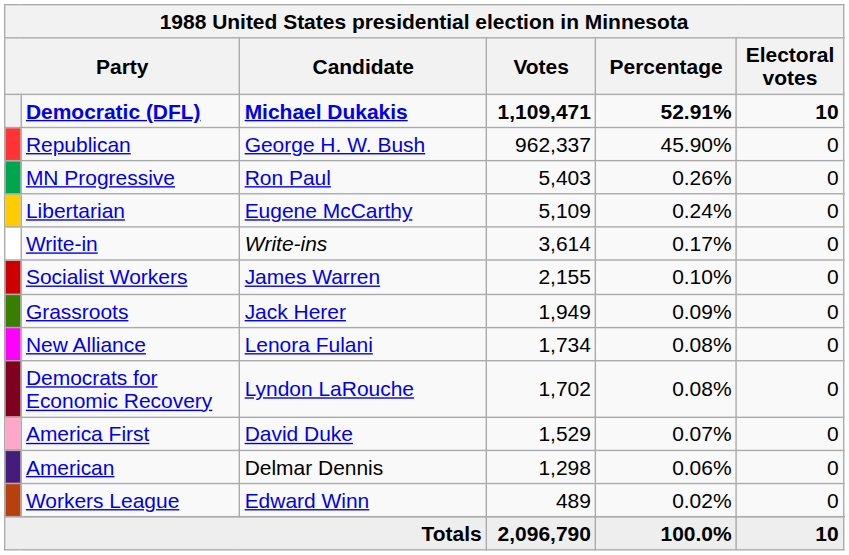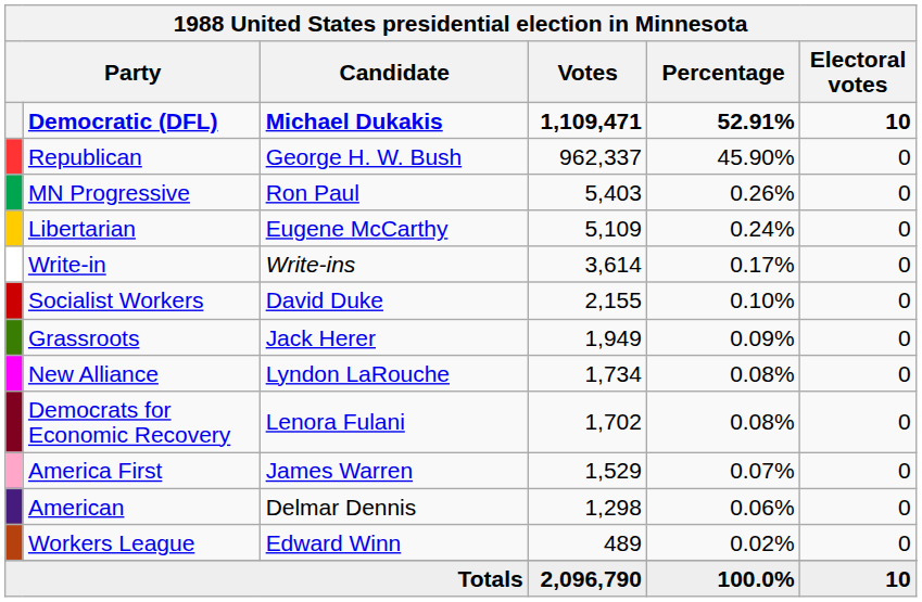 <table class="wikitable" style="font-size: 95%;">
 <tr>
 <th colspan="6">1988 United States presidential election in Minnesota</th>
 </tr>
 <tr>
 <th colspan="2" style="width: 15em">Party</th>
 <th style="width: 17em">Candidate</th>
 <th style="width: 5em">Votes</th>
 <th style="width: 7em">Percentage</th>
 <th style="width: 5em">Electoral votes</th>
 </tr>
 <tr>
 <th style="background-color:"></th>
 <td style="width: 130px"><strong><a href='#'>Democratic (DFL)</a></strong></td>
 <td><strong><a href='#'>Michael Dukakis</a></strong></td>
 <td align="right"><strong>1,109,471</strong></td>
 <td align="right"><strong>52.91%</strong></td>
 <td align="right"><strong>10</strong></td>
 </tr>
 <tr>
 <th style="background-color:#FF3333; width: 3px"></th>
 <td style="width: 130px"><a href='#'>Republican</a></td>
 <td><a href='#'>George H. W. Bush</a></td>
 <td align="right">962,337</td>
 <td align="right">45.90%</td>
 <td align="right">0</td>
 </tr>
 <tr>
 <th style="background-color:#00A550; width: 3px"></th>
 <td style="width: 130px"><a href='#'>MN Progressive</a></td>
 <td><a href='#'>Ron Paul</a></td>
 <td align="right">5,403</td>
 <td align="right">0.26%</td>
 <td align="right">0</td>
 </tr>
 <tr>
 <th style="background-color:#FFCC00; width: 3px"></th>
 <td style="width: 130px"><a href='#'>Libertarian</a></td>
 <td><a href='#'>Eugene McCarthy</a></td>
 <td align="right">5,109</td>
 <td align="right">0.24%</td>
 <td align="right">0</td>
 </tr>
 <tr>
 <th style="background-color:#FFFFFF; width: 3px"></th>
 <td style="width: 130px"><a href='#'>Write-in</a></td>
 <td><em>Write-ins</em></td>
 <td align="right">3,614</td>
 <td align="right">0.17%</td>
 <td align="right">0</td>
 </tr>
 <tr>
 <th style="background-color:#CC0000; width: 3px"></th>
 <td style="width: 130px"><a href='#'>Socialist Workers</a></td>
-<td><a href='#'>James Warren</a></td>
+<td><a href='#'>David Duke</a></td>
 <td align="right">2,155</td>
 <td align="right">0.10%</td>
 <td align="right">0</td>
 </tr>
 <tr>
 <th style="background-color:#397D02; width: 3px"></th>
 <td style="width: 130px"><a href='#'>Grassroots</a></td>
 <td><a href='#'>Jack Herer</a></td>
 <td align="right">1,949</td>
 <td align="right">0.09%</td>
 <td align="right">0</td>
 </tr>
 <tr>
 <th style="background-color:#FF00FF; width: 3px"></th>
 <td style="width: 130px"><a href='#'>New Alliance</a></td>
-<td><a href='#'>Lenora Fulani</a></td>
+<td><a href='#'>Lyndon LaRouche</a></td>
 <td align="right">1,734</td>
 <td align="right">0.08%</td>
 <td align="right">0</td>
 </tr>
 <tr>
 <th style="background-color:#800020; width: 3px"></th>
 <td style="width: 130px"><a href='#'>Democrats for Economic Recovery</a></td>
-<td><a href='#'>Lyndon LaRouche</a></td>
+<td><a href='#'>Lenora Fulani</a></td>
 <td align="right">1,702</td>
 <td align="right">0.08%</td>
 <td align="right">0</td>
 </tr>
 <tr>
 <th style="background-color:#FFA6C9; width: 3px"></th>
 <td style="width: 130px"><a href='#'>America First</a></td>
-<td><a href='#'>David Duke</a></td>
+<td><a href='#'>James Warren</a></td>
 <td align="right">1,529</td>
 <td align="right">0.07%</td>
 <td align="right">0</td>
 </tr>
 <tr>
 <th style="background-color:#461B7E; width: 3px"></th>
 <td style="width: 130px"><a href='#'>American</a></td>
 <td>Delmar Dennis</td>
 <td align="right">1,298</td>
 <td align="right">0.06%</td>
 <td align="right">0</td>
 </tr>
 <tr>
 <th style="background-color:#B7410E; width: 3px"></th>
 <td style="width: 130px"><a href='#'>Workers League</a></td>
 <td><a href='#'>Edward Winn</a></td>
 <td align="right">489</td>
 <td align="right">0.02%</td>
 <td align="right">0</td>
 </tr>
 <tr>
 </tr>
 <tr bgcolor="#EEEEEE">
 <td colspan="3" align="right"><strong>Totals</strong></td>
 <td align="right"><strong>2,096,790</strong></td>
 <td align="right"><strong>100.0%</strong></td>
 <td align="right"><strong>10</strong></td>
 </tr>
 </table>
